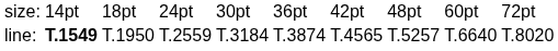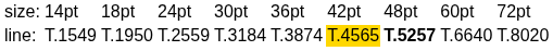 <table style="margin-left:40px;">
 <tr>
 <td>size:</td>
 <td>14pt</td>
 <td>18pt</td>
 <td>24pt</td>
 <td>30pt</td>
 <td>36pt</td>
 <td>42pt</td>
 <td>48pt</td>
 <td>60pt</td>
 <td>72pt</td>
 </tr>
 <tr>
 <td>line:</td>
-<td><strong>T.1549</strong></td>
+<td>T.1549</td>
 <td>T.1950</td>
 <td>T.2559</td>
 <td>T.3184</td>
 <td>T.3874</td>
-<td>T.4565</td>
-<td>T.5257</td>
+<td style="background: gold;">T.4565</td>
+<td><strong>T.5257</strong></td>
 <td>T.6640</td>
 <td>T.8020</td>
 </tr>
 </table>
